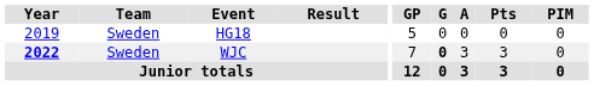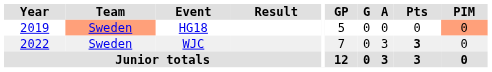 <table border="0" cellpadding="1" cellspacing="0" ID="Table3" style="text-align:center; width:40em;">
 <tr bgcolor="#e0e0e0">
 <th>Year</th>
 <th>Team</th>
 <th>Event</th>
 <th>Result</th>
 <th rowspan="99" bgcolor="#ffffff"></th>
 <th>GP</th>
 <th>G</th>
 <th>A</th>
 <th>Pts</th>
 <th>PIM</th>
 </tr>
 <tr>
 <td><a href='#'>2019</a></td>
-<td><a href='#'>Sweden</a></td>
+<td style="background: lightsalmon;"><a href='#'>Sweden</a></td>
 <td><a href='#'>HG18</a></td>
 <td></td>
 <td>5</td>
 <td>0</td>
 <td>0</td>
 <td>0</td>
-<td>0</td>
+<td style="background: lightsalmon;">0</td>
 </tr>
 <tr bgcolor="#f0f0f0">
-<td><strong><a href='#'>2022</a></strong></td>
+<td><a href='#'>2022</a></td>
 <td><a href='#'>Sweden</a></td>
 <td><a href='#'>WJC</a></td>
 <td></td>
 <td>7</td>
-<td><strong>0</strong></td>
+<td>0</td>
 <td>3</td>
-<td>3</td>
+<td><strong>3</strong></td>
 <td>0</td>
 </tr>
 <tr bgcolor="#e0e0e0">
 <th colspan="4">Junior totals</th>
 <th>12</th>
 <th>0</th>
 <th>3</th>
 <th>3</th>
 <th>0</th>
 </tr>
 </table>
